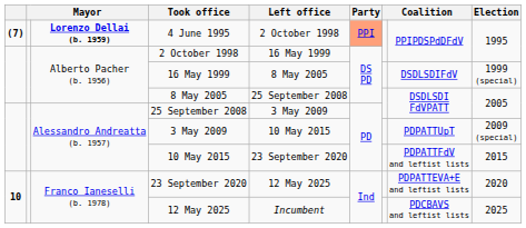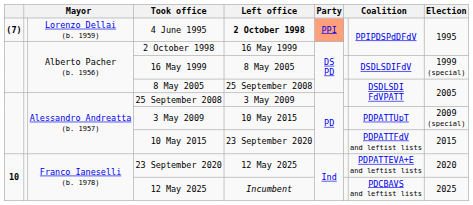 <table class="wikitable" style="text-align: center;">
 <tr>
 <th><br></th>
 <th colspan="2">Mayor</th>
 <th>Took office</th>
 <th>Left office</th>
 <th>Party</th>
 <th colspan="2">Coalition</th>
 <th>Election</th>
 </tr>
 <tr>
 <td style="background: "><strong>(7)</strong></td>
 <td></td>
-<td><strong><a href='#'>Lorenzo Dellai</a><br><small>(b. 1959)</small></strong></td>
+<td><a href='#'>Lorenzo Dellai</a><br><small>(b. 1959)</small></td>
 <td>4 June 1995</td>
-<td>2 October 1998</td>
+<td><strong>2 October 1998</strong></td>
 <td style="background: lightsalmon;"><a href='#'>PPI</a></td>
 <td rowspan=2 style="background: "></td>
 <td rowspan=2><a href='#'>PPI</a><a href='#'>PDS</a><a href='#'>PdD</a><a href='#'>FdV</a></td>
 <td rowspan=2>1995</td>
 </tr>
 <tr>
 <td rowspan=3 style="background: "><strong></strong></td>
 <td rowspan=3></td>
 <td rowspan=3>Alberto Pacher<br><small>(b. 1956)</small></td>
 <td>2 October 1998</td>
 <td>16 May 1999</td>
 <td rowspan=3><a href='#'>DS</a><br><a href='#'>PD</a></td>
 </tr>
 <tr>
 <td>16 May 1999</td>
 <td>8 May 2005</td>
 <td style="background: "></td>
 <td><a href='#'>DS</a><a href='#'>DL</a><a href='#'>SDI</a><a href='#'>FdV</a></td>
 <td>1999<br><small>(special)</small></td>
 </tr>
 <tr>
 <td>8 May 2005</td>
 <td>25 September 2008</td>
 <td rowspan=2 style="background: "></td>
 <td rowspan=2><a href='#'>DS</a><a href='#'>DL</a><a href='#'>SDI</a><br><a href='#'>FdV</a><a href='#'>PATT</a></td>
 <td rowspan=2>2005</td>
 </tr>
 <tr>
 <td rowspan=3 style="background: "><strong></strong></td>
 <td rowspan=3></td>
 <td rowspan=3><a href='#'>Alessandro Andreatta</a><br><small>(b. 1957)</small></td>
 <td>25 September 2008</td>
 <td>3 May 2009</td>
 <td rowspan=3><a href='#'>PD</a></td>
 </tr>
 <tr>
 <td>3 May 2009</td>
 <td>10 May 2015</td>
 <td style="background: "></td>
 <td><a href='#'>PD</a><a href='#'>PATT</a><a href='#'>UpT</a></td>
 <td>2009<br><small>(special)</small></td>
 </tr>
 <tr>
 <td>10 May 2015</td>
 <td>23 September 2020</td>
 <td style="background: "></td>
 <td><a href='#'>PD</a><a href='#'>PATT</a><a href='#'>FdV</a><br><small>and leftist lists</small></td>
 <td>2015</td>
 </tr>
 <tr>
 <td rowspan=2 style="background: "><strong>10</strong></td>
 <td rowspan=2></td>
 <td rowspan=2><a href='#'>Franco Ianeselli</a><br><small>(b. 1978)</small></td>
 <td>23 September 2020</td>
 <td>12 May 2025</td>
 <td rowspan=2><a href='#'>Ind</a></td>
 <td style="background: "></td>
 <td><a href='#'>PD</a><a href='#'>PATT</a><a href='#'>EV</a><a href='#'>A</a><a href='#'>+E</a><br><small>and leftist lists</small></td>
 <td>2020</td>
 </tr>
 <tr>
 <td>12 May 2025</td>
 <td><em>Incumbent</em></td>
 <td style="background: "></td>
 <td><a href='#'>PD</a><a href='#'>CB</a><a href='#'>AVS</a><br><small>and leftist lists</small></td>
 <td>2025</td>
 </tr>
 </table>
